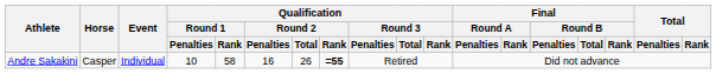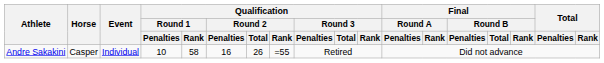 <table class="wikitable" style="font-size:90%">
 <tr>
 <th rowspan="3">Athlete</th>
 <th rowspan="3">Horse</th>
 <th rowspan="3">Event</th>
 <th colspan="8">Qualification</th>
 <th colspan="5">Final</th>
 <th rowspan=2 colspan="2">Total</th>
 </tr>
 <tr style="font-size:95%">
 <th colspan="2">Round 1</th>
 <th colspan="3">Round 2</th>
 <th colspan="3">Round 3</th>
 <th colspan="2">Round A</th>
 <th colspan="3">Round B</th>
 </tr>
 <tr style="font-size:95%">
 <th>Penalties</th>
 <th>Rank</th>
 <th>Penalties</th>
 <th>Total</th>
 <th>Rank</th>
 <th>Penalties</th>
 <th>Total</th>
 <th>Rank</th>
 <th>Penalties</th>
 <th>Rank</th>
 <th>Penalties</th>
 <th>Total</th>
 <th>Rank</th>
 <th>Penalties</th>
 <th>Rank</th>
 </tr>
 <tr align=center>
 <td align=left><a href='#'>Andre Sakakini</a></td>
 <td align=left>Casper</td>
 <td align=left><a href='#'>Individual</a></td>
 <td>10</td>
 <td>58</td>
 <td>16</td>
 <td>26</td>
-<td><strong>=55</strong></td>
+<td>=55</td>
 <td colspan=3>Retired</td>
 <td colspan=7>Did not advance</td>
 </tr>
 </table>
